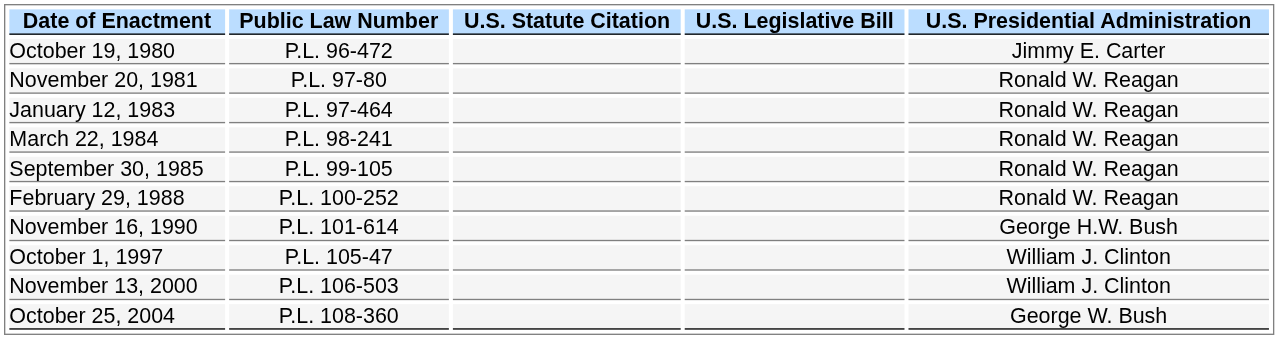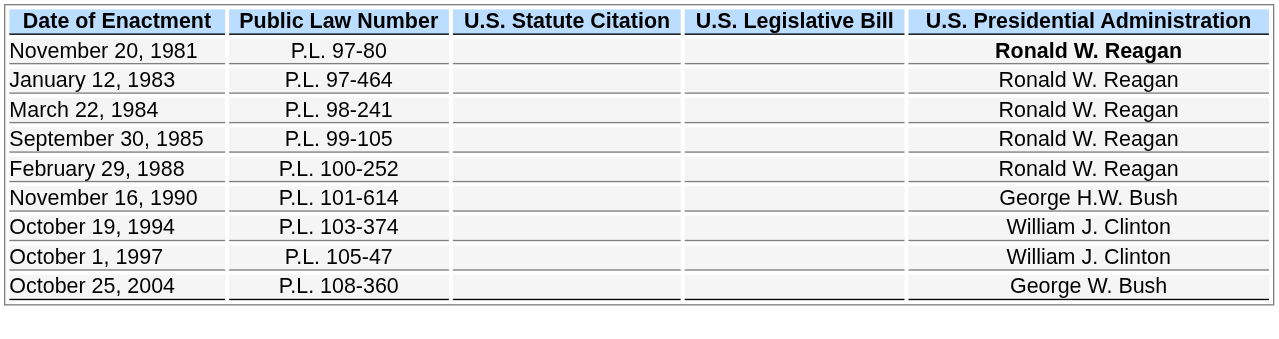 <table style="border:1px solid gray; align:left; width:75%" cellspacing=3 cellpadding=0>
 <tr style="font-weight:bold; text-align:center; background:#bbddff; color:black;">
 <th style=" border-bottom:1.5px solid black">Date of Enactment</th>
 <th style=" border-bottom:1.5px solid black">Public Law Number</th>
 <th style=" border-bottom:1.5px solid black">U.S. Statute Citation</th>
 <th style=" border-bottom:1.5px solid black">U.S. Legislative Bill</th>
 <th style=" border-bottom:1.5px solid black">U.S. Presidential Administration</th>
 </tr>
 <tr>
-<td style="border-bottom:1px solid gray; background:#F5F5F5;">October 19, 1980</td>
-<td style="border-bottom:1px solid gray; background:#F5F5F5; text-align:center;">P.L. 96-472</td>
-<td style="border-bottom:1px solid gray; background:#F5F5F5; text-align:center;"></td>
-<td style="border-bottom:1px solid gray; background:#F5F5F5; text-align:center;"></td>
-<td style="border-bottom:1px solid gray; background:#F5F5F5; text-align:center;">Jimmy E. Carter</td>
-</tr>
-<tr>
 <td style="border-bottom:1px solid gray; background:#F5F5F5;">November 20, 1981</td>
 <td style="border-bottom:1px solid gray; background:#F5F5F5; text-align:center;">P.L. 97-80</td>
 <td style="border-bottom:1px solid gray; background:#F5F5F5; text-align:center;"></td>
 <td style="border-bottom:1px solid gray; background:#F5F5F5; text-align:center;"></td>
-<td style="border-bottom:1px solid gray; background:#F5F5F5; text-align:center;">Ronald W. Reagan</td>
+<td style="border-bottom:1px solid gray; background:#F5F5F5; text-align:center;"><strong>Ronald W. Reagan</strong></td>
 </tr>
 <tr>
 <td style="border-bottom:1px solid gray; background:#F5F5F5;">January 12, 1983</td>
 <td style="border-bottom:1px solid gray; background:#F5F5F5; text-align:center;">P.L. 97-464</td>
 <td style="border-bottom:1px solid gray; background:#F5F5F5; text-align:center;"></td>
 <td style="border-bottom:1px solid gray; background:#F5F5F5; text-align:center;"></td>
 <td style="border-bottom:1px solid gray; background:#F5F5F5; text-align:center;">Ronald W. Reagan</td>
 </tr>
 <tr>
 <td style="border-bottom:1px solid gray; background:#F5F5F5;">March 22, 1984</td>
 <td style="border-bottom:1px solid gray; background:#F5F5F5; text-align:center;">P.L. 98-241</td>
 <td style="border-bottom:1px solid gray; background:#F5F5F5; text-align:center;"></td>
 <td style="border-bottom:1px solid gray; background:#F5F5F5; text-align:center;"></td>
 <td style="border-bottom:1px solid gray; background:#F5F5F5; text-align:center;">Ronald W. Reagan</td>
 </tr>
 <tr>
 <td style="border-bottom:1px solid gray; background:#F5F5F5;">September 30, 1985</td>
 <td style="border-bottom:1px solid gray; background:#F5F5F5; text-align:center;">P.L. 99-105</td>
 <td style="border-bottom:1px solid gray; background:#F5F5F5; text-align:center;"></td>
 <td style="border-bottom:1px solid gray; background:#F5F5F5; text-align:center;"></td>
 <td style="border-bottom:1px solid gray; background:#F5F5F5; text-align:center;">Ronald W. Reagan</td>
 </tr>
 <tr>
 <td style="border-bottom:1px solid gray; background:#F5F5F5;">February 29, 1988</td>
 <td style="border-bottom:1px solid gray; background:#F5F5F5; text-align:center;">P.L. 100-252</td>
 <td style="border-bottom:1px solid gray; background:#F5F5F5; text-align:center;"></td>
 <td style="border-bottom:1px solid gray; background:#F5F5F5; text-align:center;"></td>
 <td style="border-bottom:1px solid gray; background:#F5F5F5; text-align:center;">Ronald W. Reagan</td>
 </tr>
 <tr>
 <td style="border-bottom:1px solid gray; background:#F5F5F5;">November 16, 1990</td>
 <td style="border-bottom:1px solid gray; background:#F5F5F5; text-align:center;">P.L. 101-614</td>
 <td style="border-bottom:1px solid gray; background:#F5F5F5; text-align:center;"></td>
 <td style="border-bottom:1px solid gray; background:#F5F5F5; text-align:center;"></td>
 <td style="border-bottom:1px solid gray; background:#F5F5F5; text-align:center;">George H.W. Bush</td>
 </tr>
 <tr>
-<td style="border-bottom:1px solid gray; background:#F5F5F5;">October 1, 1997</td>
-<td style="border-bottom:1px solid gray; background:#F5F5F5; text-align:center;">P.L. 105-47</td>
+<td style="border-bottom:1px solid gray; background:#F5F5F5;">October 19, 1994</td>
+<td style="border-bottom:1px solid gray; background:#F5F5F5; text-align:center;">P.L. 103-374</td>
 <td style="border-bottom:1px solid gray; background:#F5F5F5; text-align:center;"></td>
 <td style="border-bottom:1px solid gray; background:#F5F5F5; text-align:center;"></td>
 <td style="border-bottom:1px solid gray; background:#F5F5F5; text-align:center;">William J. Clinton</td>
 </tr>
 <tr>
-<td style="border-bottom:1px solid gray; background:#F5F5F5;">November 13, 2000</td>
-<td style="border-bottom:1px solid gray; background:#F5F5F5; text-align:center;">P.L. 106-503</td>
+<td style="border-bottom:1px solid gray; background:#F5F5F5;">October 1, 1997</td>
+<td style="border-bottom:1px solid gray; background:#F5F5F5; text-align:center;">P.L. 105-47</td>
 <td style="border-bottom:1px solid gray; background:#F5F5F5; text-align:center;"></td>
 <td style="border-bottom:1px solid gray; background:#F5F5F5; text-align:center;"></td>
 <td style="border-bottom:1px solid gray; background:#F5F5F5; text-align:center;">William J. Clinton</td>
 </tr>
 <tr>
 <td style="border-bottom:1.5px solid black; background:#F5F5F5;">October 25, 2004</td>
 <td style="border-bottom:1.5px solid black; background:#F5F5F5; text-align:center;">P.L. 108-360</td>
 <td style="border-bottom:1.5px solid black; background:#F5F5F5; text-align:center;"></td>
 <td style="border-bottom:1.5px solid black; background:#F5F5F5; text-align:center;"></td>
 <td style="border-bottom:1.5px solid black; background:#F5F5F5; text-align:center;">George W. Bush</td>
 </tr>
 </table>
